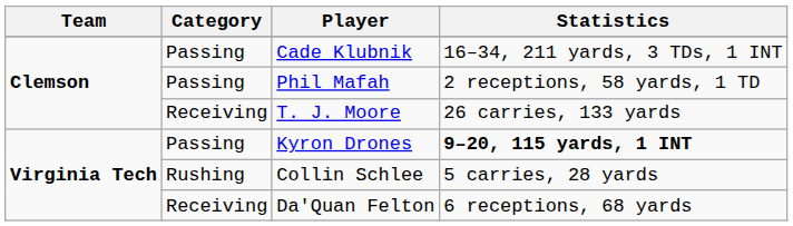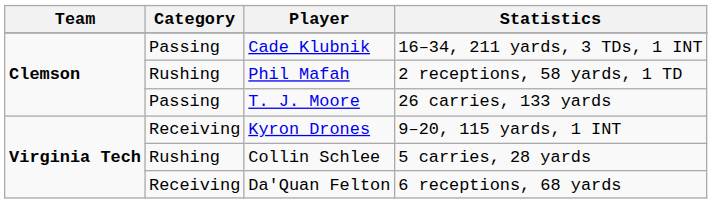 <table class="wikitable" style="float: right;">
 <tr>
 <th>Team</th>
 <th>Category</th>
 <th>Player</th>
 <th>Statistics</th>
 </tr>
 <tr>
 </tr>
 <tr>
 <td rowspan=3><strong>Clemson</strong></td>
 <td>Passing</td>
 <td><a href='#'>Cade Klubnik</a></td>
 <td>16–34, 211 yards, 3 TDs, 1 INT</td>
 </tr>
 <tr>
-<td>Passing</td>
+<td>Rushing</td>
 <td><a href='#'>Phil Mafah</a></td>
 <td>2 receptions, 58 yards, 1 TD</td>
 </tr>
 <tr>
-<td>Receiving</td>
+<td>Passing</td>
 <td><a href='#'>T. J. Moore</a></td>
 <td>26 carries, 133 yards</td>
 </tr>
 <tr>
 <td rowspan=3><strong>Virginia Tech</strong></td>
-<td>Passing</td>
+<td>Receiving</td>
 <td><a href='#'>Kyron Drones</a></td>
-<td><strong>9–20, 115 yards, 1 INT</strong></td>
+<td>9–20, 115 yards, 1 INT</td>
 </tr>
 <tr>
 <td>Rushing</td>
 <td>Collin Schlee</td>
 <td>5 carries, 28 yards</td>
 </tr>
 <tr>
 <td>Receiving</td>
 <td>Da'Quan Felton</td>
 <td>6 receptions, 68 yards</td>
 </tr>
 </table>
